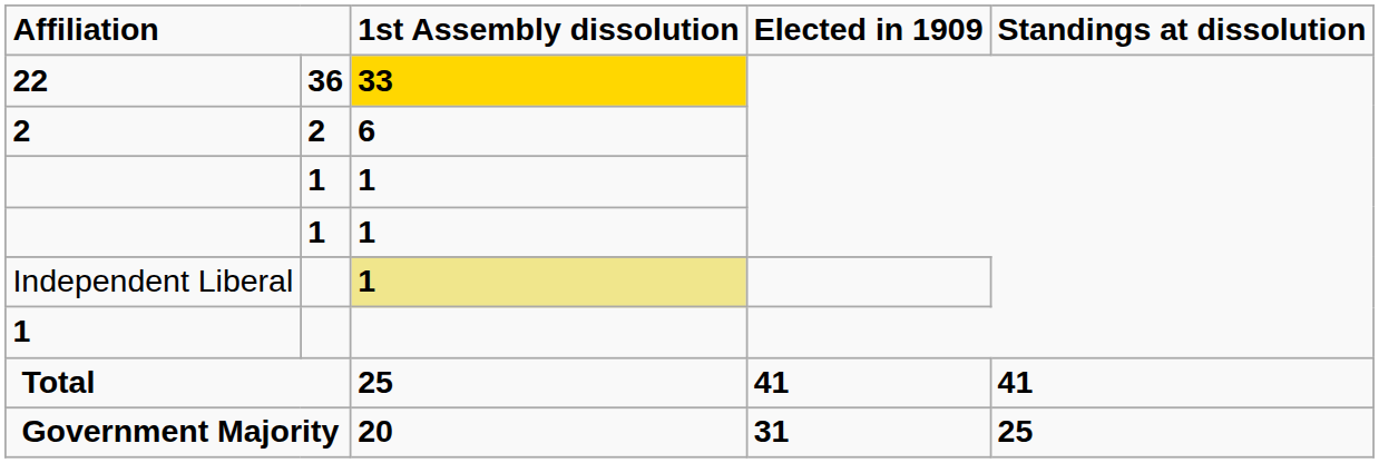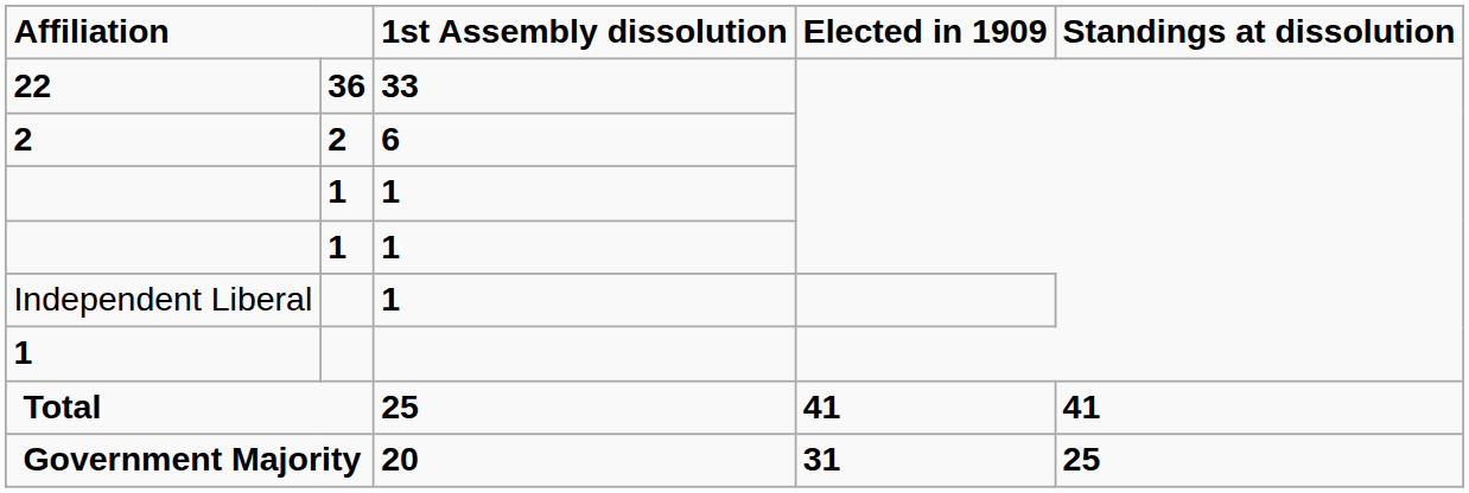 <table class="wikitable">
 <tr>
 <td colspan="2" rowspan="1" align="left" valign="top"><strong>Affiliation</strong></td>
 <td valign="top"><strong>1st Assembly dissolution</strong></td>
 <td valign="top"><strong>Elected in 1909</strong></td>
 <td valign="top"><strong>Standings at dissolution</strong><br></td>
 </tr>
 <tr>
 <td><strong>22</strong></td>
 <td><strong>36</strong></td>
-<td style="background: gold;"><strong>33</strong></td>
+<td><strong>33</strong></td>
 </tr>
 <tr>
 <td><strong>2</strong></td>
 <td><strong>2</strong></td>
 <td><strong>6</strong></td>
 </tr>
 <tr>
 <td></td>
 <td><strong>1</strong></td>
 <td><strong>1</strong></td>
 </tr>
 <tr>
 <td></td>
 <td><strong>1</strong></td>
 <td><strong>1</strong></td>
 </tr>
 <tr>
 <td>Independent Liberal</td>
 <td></td>
-<td style="background: khaki;"><strong>1</strong></td>
+<td><strong>1</strong></td>
 <td></td>
 </tr>
 <tr>
 <td><strong>1</strong></td>
 <td></td>
 <td></td>
 </tr>
 <tr>
 <td colspan="2" rowspan="1"> <strong>Total</strong><br></td>
 <td><strong>25</strong></td>
 <td><strong>41</strong></td>
 <td><strong>41</strong></td>
 </tr>
 <tr>
 <td colspan="2" rowspan="1"> <strong>Government Majority</strong><br></td>
 <td><strong>20</strong></td>
 <td><strong>31</strong></td>
 <td><strong>25</strong></td>
 </tr>
 </table>
